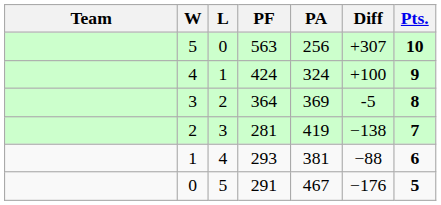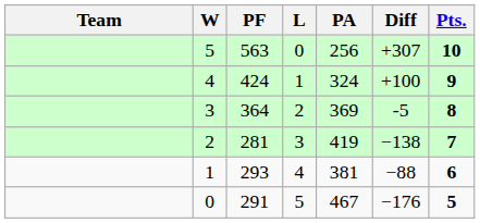 <table class=wikitable>
 <tr align=center>
 <th width=150px>Team</th>
 <th width=20px>W</th>
+<th width=40px>PF</th>
 <th width=20px>L</th>
-<th width=40px>PF</th>
 <th width=40px>PA</th>
 <th width=40px>Diff</th>
 <th width=30px><a href='#'>Pts.</a></th>
 </tr>
 <tr align=center bgcolor="#ccffcc">
 <td align=left></td>
 <td>5</td>
+<td>563</td>
 <td>0</td>
-<td>563</td>
 <td>256</td>
 <td>+307</td>
 <td><strong>10</strong></td>
 </tr>
 <tr align=center bgcolor="#ccffcc">
 <td align=left></td>
 <td>4</td>
+<td>424</td>
 <td>1</td>
-<td>424</td>
 <td>324</td>
 <td>+100</td>
 <td><strong>9</strong></td>
 </tr>
 <tr align=center bgcolor="#ccffcc">
 <td align=left></td>
 <td>3</td>
+<td>364</td>
 <td>2</td>
-<td>364</td>
 <td>369</td>
 <td>-5</td>
 <td><strong>8</strong></td>
 </tr>
 <tr align=center bgcolor="#ccffcc">
 <td align=left></td>
 <td>2</td>
+<td>281</td>
 <td>3</td>
-<td>281</td>
 <td>419</td>
 <td>−138</td>
 <td><strong>7</strong></td>
 </tr>
 <tr align=center>
 <td align=left></td>
 <td>1</td>
+<td>293</td>
 <td>4</td>
-<td>293</td>
 <td>381</td>
 <td>−88</td>
 <td><strong>6</strong></td>
 </tr>
 <tr align=center>
 <td align=left></td>
 <td>0</td>
+<td>291</td>
 <td>5</td>
-<td>291</td>
 <td>467</td>
 <td>−176</td>
 <td><strong>5</strong></td>
 </tr>
 </table>
